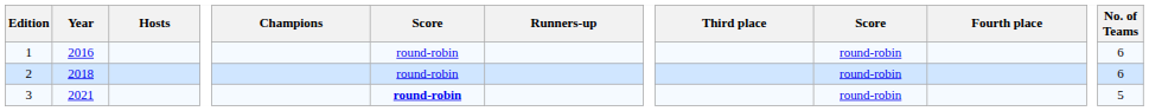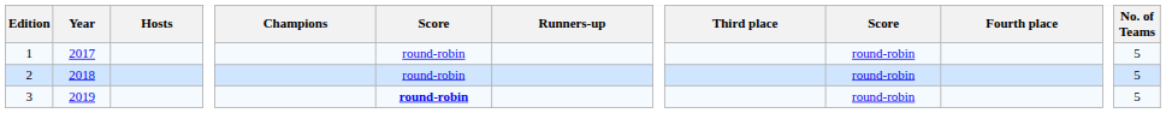 <table class="wikitable" style="text-align:center;width:100%; font-size:90%;">
 <tr>
 <th width=2%>Edition</th>
 <th width=5%>Year</th>
 <th width=8%>Hosts</th>
 <td rowspan="5" style="width:1%;background:#fff;border-top-style:hidden;border-bottom-style:hidden;"></td>
 <th style="width:14%;">Champions</th>
 <th width=10%>Score</th>
 <th style="width:14%;">Runners-up</th>
 <td rowspan="5" style="width:1%;background:#fff;border-top-style:hidden;border-bottom-style:hidden;"></td>
 <th style="width:14%;">Third place</th>
 <th width=10%>Score</th>
 <th style="width:14%;">Fourth place</th>
 <td rowspan="5" style="width:1%;background:#fff;border-top-style:hidden;border-bottom-style:hidden;"></td>
 <th width=4%>No. of Teams</th>
 </tr>
 <tr bgcolor=#F5FAFF>
 <td>1</td>
-<td><a href='#'>2016</a></td>
+<td><a href='#'>2017</a></td>
 <td align="left"></td>
 <td><strong></strong></td>
 <td><a href='#'>round-robin</a></td>
 <td></td>
 <td></td>
 <td><a href='#'>round-robin</a></td>
 <td></td>
-<td>6</td>
+<td>5</td>
 </tr>
 <tr bgcolor=#D0E6FF>
 <td>2</td>
 <td><a href='#'>2018</a></td>
 <td align="left"></td>
 <td><strong></strong></td>
 <td><a href='#'>round-robin</a></td>
 <td></td>
 <td></td>
 <td><a href='#'>round-robin</a></td>
 <td></td>
-<td>6</td>
+<td>5</td>
 </tr>
 <tr bgcolor=#F5FAFF>
 <td>3</td>
-<td><a href='#'>2021</a></td>
+<td><a href='#'>2019</a></td>
 <td align="left"></td>
 <td><strong></strong></td>
 <td><strong><a href='#'>round-robin</a></strong></td>
 <td></td>
 <td></td>
 <td><a href='#'>round-robin</a></td>
 <td></td>
 <td>5</td>
 </tr>
 </table>
